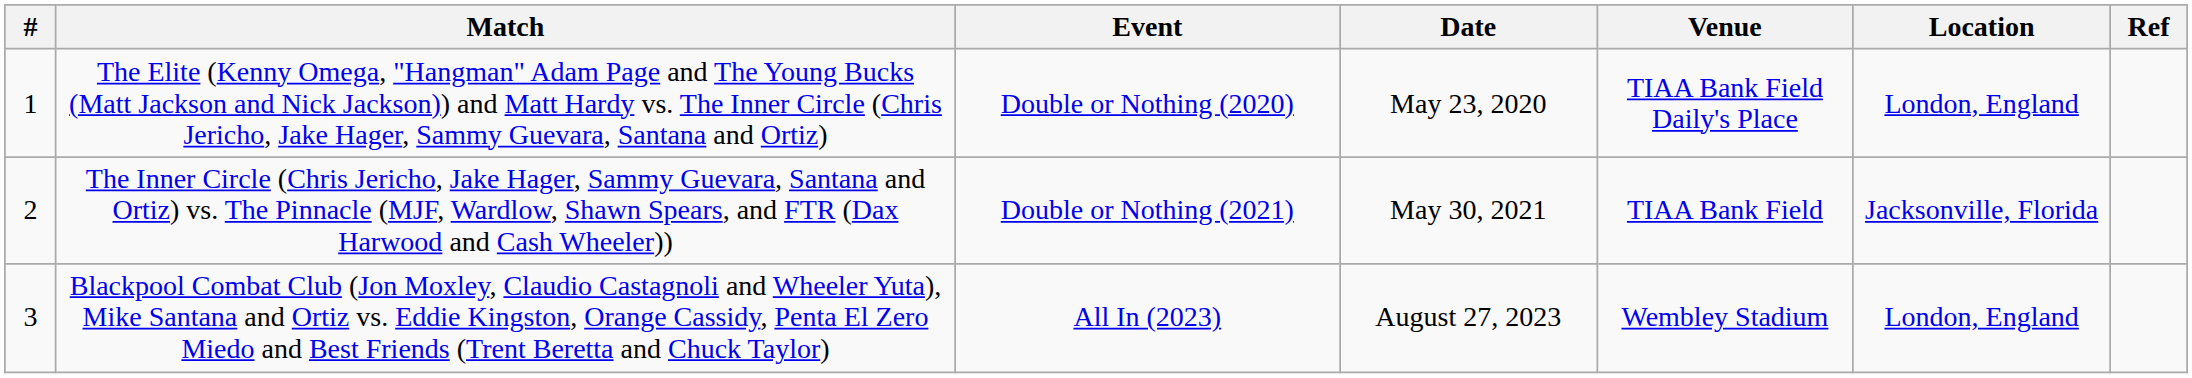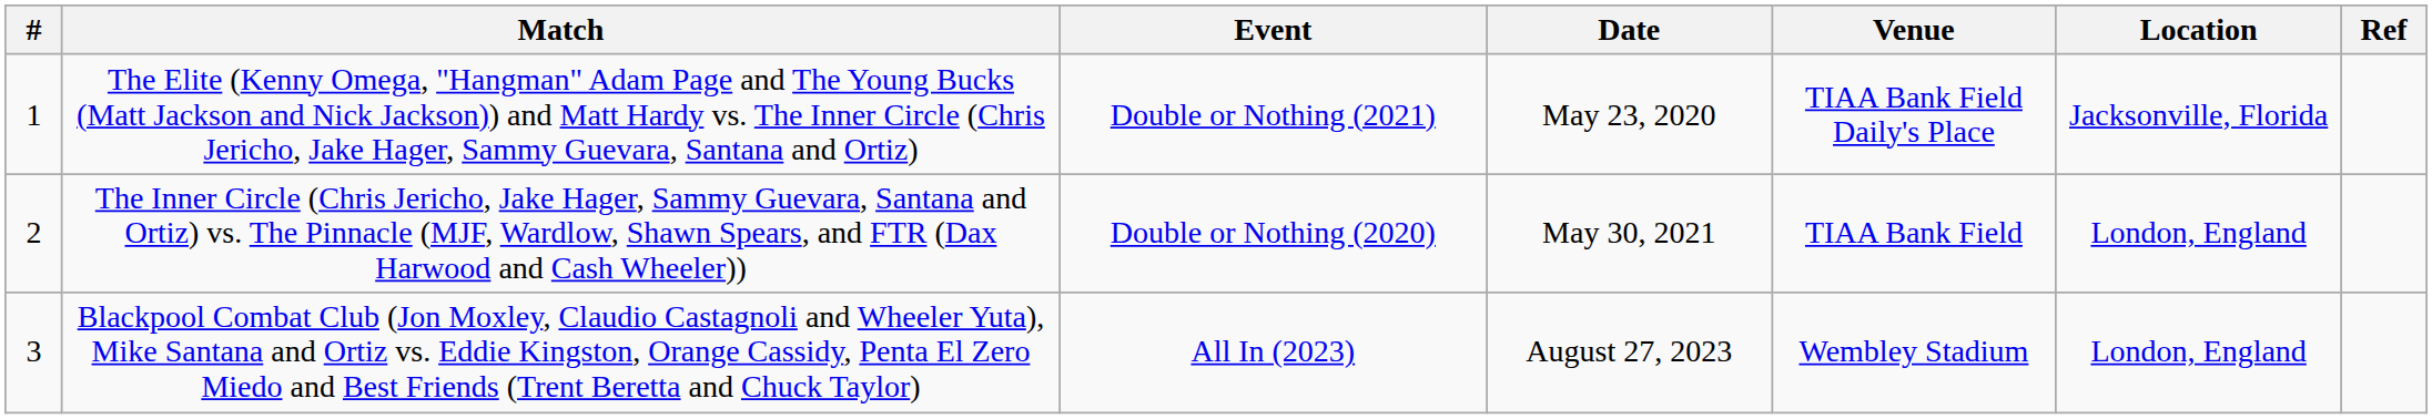 <table class="wikitable plainrowheaders" style="text-align:center"; margin-right: 0;">
 <tr>
 <th width=2%>#</th>
 <th width=35%>Match</th>
 <th width=15%>Event</th>
 <th width=10%>Date</th>
 <th width=10%>Venue</th>
 <th width=10%>Location</th>
 <th width=3%>Ref</th>
 </tr>
 <tr>
 <td align=center>1</td>
 <td><a href='#'>The Elite</a> (<a href='#'>Kenny Omega</a>, <a href='#'>"Hangman" Adam Page</a> and  <a href='#'>The Young Bucks (Matt Jackson and Nick Jackson)</a>) and <a href='#'>Matt Hardy</a> vs. <a href='#'>The Inner Circle</a> (<a href='#'>Chris Jericho</a>, <a href='#'>Jake Hager</a>, <a href='#'>Sammy Guevara</a>, <a href='#'>Santana</a> and <a href='#'>Ortiz</a>)</td>
-<td><a href='#'>Double or Nothing (2020)</a></td>
+<td><a href='#'>Double or Nothing (2021)</a></td>
 <td>May 23, 2020</td>
 <td><a href='#'>TIAA Bank Field</a><br><a href='#'>Daily's Place</a></td>
-<td><a href='#'>London, England</a></td>
+<td><a href='#'>Jacksonville, Florida</a></td>
 <td></td>
 </tr>
 <tr>
 <td align=center>2</td>
 <td><a href='#'>The Inner Circle</a> (<a href='#'>Chris Jericho</a>, <a href='#'>Jake Hager</a>, <a href='#'>Sammy Guevara</a>, <a href='#'>Santana</a> and <a href='#'>Ortiz</a>) vs. <a href='#'>The Pinnacle</a> (<a href='#'>MJF</a>, <a href='#'>Wardlow</a>, <a href='#'>Shawn Spears</a>, and <a href='#'>FTR</a> (<a href='#'>Dax Harwood</a> and <a href='#'>Cash Wheeler</a>))</td>
-<td><a href='#'>Double or Nothing (2021)</a></td>
+<td><a href='#'>Double or Nothing (2020)</a></td>
 <td>May 30, 2021</td>
 <td><a href='#'>TIAA Bank Field</a></td>
-<td><a href='#'>Jacksonville, Florida</a></td>
+<td><a href='#'>London, England</a></td>
 <td></td>
 </tr>
 <tr>
 <td align=center>3</td>
 <td><a href='#'>Blackpool Combat Club</a> (<a href='#'>Jon Moxley</a>, <a href='#'>Claudio Castagnoli</a> and <a href='#'>Wheeler Yuta</a>), <a href='#'>Mike Santana</a> and <a href='#'>Ortiz</a> vs. <a href='#'>Eddie Kingston</a>, <a href='#'>Orange Cassidy</a>, <a href='#'>Penta El Zero Miedo</a> and <a href='#'>Best Friends</a> (<a href='#'>Trent Beretta</a> and <a href='#'>Chuck Taylor</a>)</td>
 <td><a href='#'>All In (2023)</a></td>
 <td>August 27, 2023</td>
 <td><a href='#'>Wembley Stadium</a></td>
 <td><a href='#'>London, England</a></td>
 </tr>
 </table>
